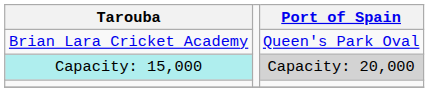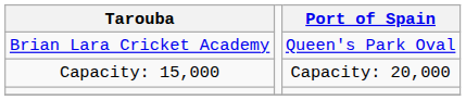 <table class="wikitable" style="text-align:center;margin:auto">
 <tr>
 <th>Tarouba</th>
 <td rowspan="4" style="vertical-align:top"><br></td>
 <th><a href='#'>Port of Spain</a></th>
 </tr>
 <tr>
 <td><a href='#'>Brian Lara Cricket Academy</a></td>
 <td><a href='#'>Queen's Park Oval</a></td>
 </tr>
 <tr>
-<td style="background: paleturquoise;">Capacity: 15,000</td>
-<td style="background: lightgrey;">Capacity: 20,000</td>
+<td>Capacity: 15,000</td>
+<td>Capacity: 20,000</td>
 </tr>
 <tr>
 <td></td>
 <td></td>
 </tr>
 <tr>
 </tr>
 </table>
